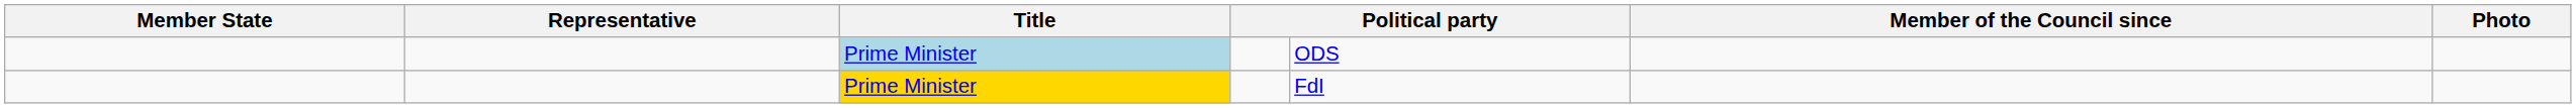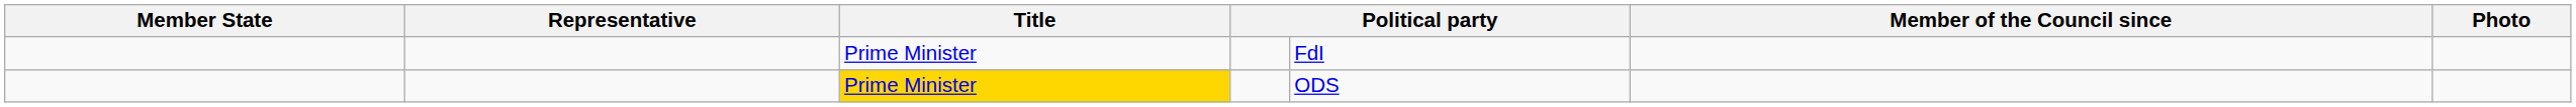 <table class="wikitable sortable" width=100% style="border-collapse:collapse; border:#555">
 <tr>
 <th>Member State</th>
 <th>Representative</th>
 <th>Title</th>
 <th colspan=2>Political party</th>
 <th>Member of the Council since</th>
 <th class="unsortable" style="width:100px;">Photo</th>
 </tr>
 <tr>
 <td></td>
 <td></td>
-<td style="background: lightblue;"> <a href='#'>Prime Minister</a></td>
+<td> <a href='#'>Prime Minister</a></td>
 <td style="background-color:"></td>
-<td><a href='#'>ODS</a></td>
+<td><a href='#'>FdI</a></td>
 <td></td>
 <td></td>
 </tr>
 <tr>
 <td></td>
 <td></td>
 <td style="background: gold;"> <a href='#'>Prime Minister</a></td>
 <td style="background-color:"></td>
-<td><a href='#'>FdI</a></td>
+<td><a href='#'>ODS</a></td>
 <td></td>
 <td></td>
 </tr>
 </table>
